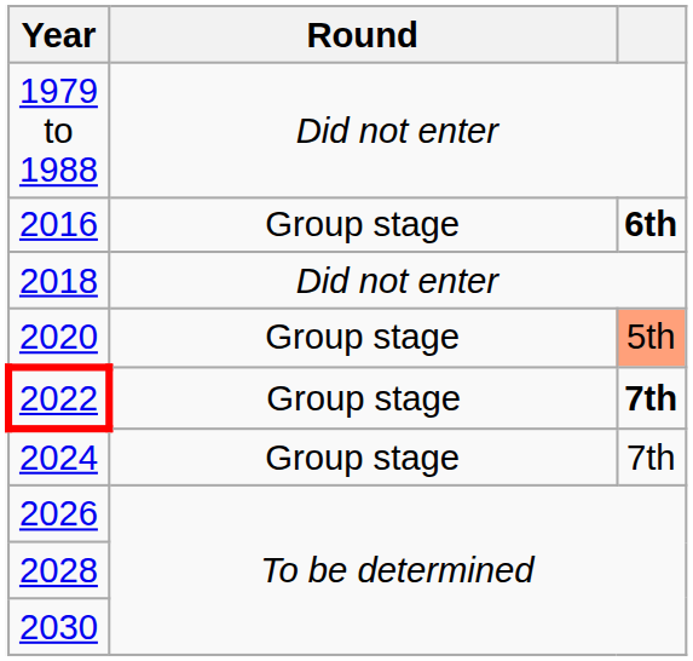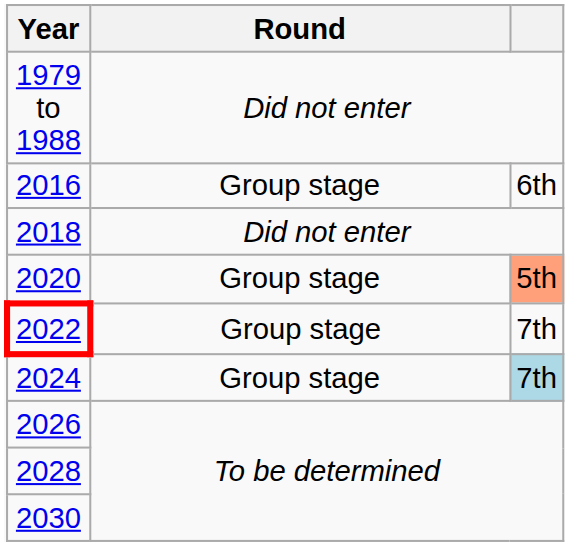 <table class="wikitable" style="text-align: center; font-size:90%">
 <tr>
 <th>Year</th>
 <th style="width:200px">Round</th>
 <th></th>
 </tr>
 <tr>
 <td><a href='#'>1979</a><br>to<br><a href='#'>1988</a></td>
 <td colspan="2"><em>Did not enter</em></td>
 </tr>
 <tr>
 <td><a href='#'>2016</a></td>
 <td>Group stage</td>
-<td><strong>6th</strong></td>
+<td>6th</td>
 </tr>
 <tr>
 <td><a href='#'>2018</a></td>
 <td colspan="2"><em>Did not enter</em></td>
 </tr>
 <tr>
 <td><a href='#'>2020</a></td>
 <td>Group stage</td>
 <td style="background: lightsalmon;">5th</td>
 </tr>
 <tr>
 <td style="border: 3px solid red"><a href='#'>2022</a></td>
 <td>Group stage</td>
-<td><strong>7th</strong></td>
+<td>7th</td>
 </tr>
 <tr>
 <td><a href='#'>2024</a></td>
 <td>Group stage</td>
-<td>7th</td>
+<td style="background: lightblue;">7th</td>
 </tr>
 <tr>
 <td><a href='#'>2026</a></td>
 <td colspan="2" rowspan="3"><em>To be determined</em></td>
 </tr>
 <tr>
 <td><a href='#'>2028</a></td>
 </tr>
 <tr>
 <td><a href='#'>2030</a></td>
 </tr>
 </table>
